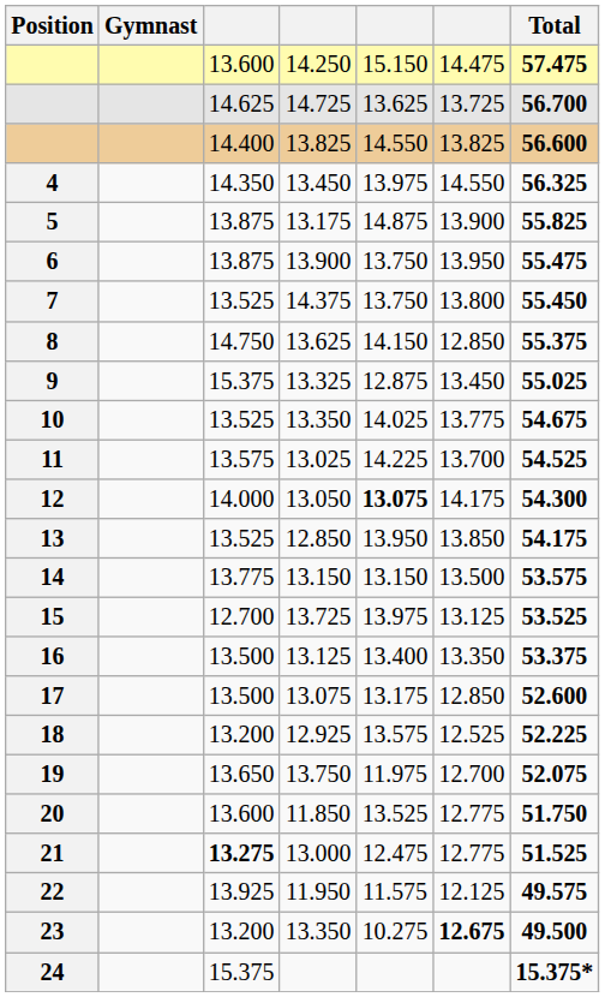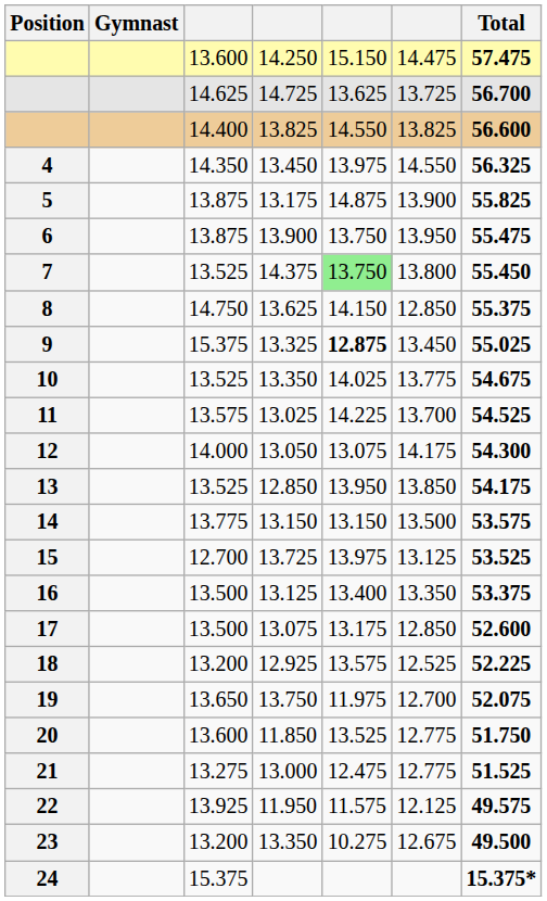 <table class="wikitable sortable" style="text-align:center; font-size:95%">
 <tr>
 <th>Position</th>
 <th>Gymnast</th>
 <th></th>
 <th></th>
 <th></th>
 <th></th>
 <th>Total</th>
 </tr>
 <tr bgcolor=fffcaf>
 <td></td>
 <td align=left></td>
 <td>13.600</td>
 <td>14.250</td>
 <td>15.150</td>
 <td>14.475</td>
 <td><strong>57.475</strong></td>
 </tr>
 <tr bgcolor=e5e5e5>
 <td></td>
 <td align=left></td>
 <td>14.625</td>
 <td>14.725</td>
 <td>13.625</td>
 <td>13.725</td>
 <td><strong>56.700</strong></td>
 </tr>
 <tr bgcolor=eecc99>
 <td></td>
 <td align=left></td>
 <td>14.400</td>
 <td>13.825</td>
 <td>14.550</td>
 <td>13.825</td>
 <td><strong>56.600</strong></td>
 </tr>
 <tr>
 <th><strong>4</strong></th>
 <td align=left></td>
 <td>14.350</td>
 <td>13.450</td>
 <td>13.975</td>
 <td>14.550</td>
 <td><strong>56.325</strong></td>
 </tr>
 <tr>
 <th><strong>5</strong></th>
 <td align=left></td>
 <td>13.875</td>
 <td>13.175</td>
 <td>14.875</td>
 <td>13.900</td>
 <td><strong>55.825</strong></td>
 </tr>
 <tr>
 <th><strong>6</strong></th>
 <td align=left></td>
 <td>13.875</td>
 <td>13.900</td>
 <td>13.750</td>
 <td>13.950</td>
 <td><strong>55.475</strong></td>
 </tr>
 <tr>
 <th><strong>7</strong></th>
 <td align=left></td>
 <td>13.525</td>
 <td>14.375</td>
-<td>13.750</td>
+<td style="background: lightgreen;">13.750</td>
 <td>13.800</td>
 <td><strong>55.450</strong></td>
 </tr>
 <tr>
 <th><strong>8</strong></th>
 <td align=left></td>
 <td>14.750</td>
 <td>13.625</td>
 <td>14.150</td>
 <td>12.850</td>
 <td><strong>55.375</strong></td>
 </tr>
 <tr>
 <th><strong>9</strong></th>
 <td align=left></td>
 <td>15.375</td>
 <td>13.325</td>
-<td>12.875</td>
+<td><strong>12.875</strong></td>
 <td>13.450</td>
 <td><strong>55.025</strong></td>
 </tr>
 <tr>
 <th><strong>10</strong></th>
 <td align=left></td>
 <td>13.525</td>
 <td>13.350</td>
 <td>14.025</td>
 <td>13.775</td>
 <td><strong>54.675</strong></td>
 </tr>
 <tr>
 <th><strong>11</strong></th>
 <td align=left></td>
 <td>13.575</td>
 <td>13.025</td>
 <td>14.225</td>
 <td>13.700</td>
 <td><strong>54.525</strong></td>
 </tr>
 <tr>
 <th><strong>12</strong></th>
 <td align=left></td>
 <td>14.000</td>
 <td>13.050</td>
-<td><strong>13.075</strong></td>
+<td>13.075</td>
 <td>14.175</td>
 <td><strong>54.300</strong></td>
 </tr>
 <tr>
 <th><strong>13</strong></th>
 <td align=left></td>
 <td>13.525</td>
 <td>12.850</td>
 <td>13.950</td>
 <td>13.850</td>
 <td><strong>54.175</strong></td>
 </tr>
 <tr>
 <th><strong>14</strong></th>
 <td align=left></td>
 <td>13.775</td>
 <td>13.150</td>
 <td>13.150</td>
 <td>13.500</td>
 <td><strong>53.575</strong></td>
 </tr>
 <tr>
 <th><strong>15</strong></th>
 <td align=left></td>
 <td>12.700</td>
 <td>13.725</td>
 <td>13.975</td>
 <td>13.125</td>
 <td><strong>53.525</strong></td>
 </tr>
 <tr>
 <th><strong>16</strong></th>
 <td align=left></td>
 <td>13.500</td>
 <td>13.125</td>
 <td>13.400</td>
 <td>13.350</td>
 <td><strong>53.375</strong></td>
 </tr>
 <tr>
 <th><strong>17</strong></th>
 <td align=left></td>
 <td>13.500</td>
 <td>13.075</td>
 <td>13.175</td>
 <td>12.850</td>
 <td><strong>52.600</strong></td>
 </tr>
 <tr>
 <th><strong>18</strong></th>
 <td align=left></td>
 <td>13.200</td>
 <td>12.925</td>
 <td>13.575</td>
 <td>12.525</td>
 <td><strong>52.225</strong></td>
 </tr>
 <tr>
 <th><strong>19</strong></th>
 <td align=left></td>
 <td>13.650</td>
 <td>13.750</td>
 <td>11.975</td>
 <td>12.700</td>
 <td><strong>52.075</strong></td>
 </tr>
 <tr>
 <th><strong>20</strong></th>
 <td align=left></td>
 <td>13.600</td>
 <td>11.850</td>
 <td>13.525</td>
 <td>12.775</td>
 <td><strong>51.750</strong></td>
 </tr>
 <tr>
 <th><strong>21</strong></th>
 <td align=left></td>
-<td><strong>13.275</strong></td>
+<td>13.275</td>
 <td>13.000</td>
 <td>12.475</td>
 <td>12.775</td>
 <td><strong>51.525</strong></td>
 </tr>
 <tr>
 <th><strong>22</strong></th>
 <td align=left></td>
 <td>13.925</td>
 <td>11.950</td>
 <td>11.575</td>
 <td>12.125</td>
 <td><strong>49.575</strong></td>
 </tr>
 <tr>
 <th><strong>23</strong></th>
 <td align=left></td>
 <td>13.200</td>
 <td>13.350</td>
 <td>10.275</td>
-<td><strong>12.675</strong></td>
+<td>12.675</td>
 <td><strong>49.500</strong></td>
 </tr>
 <tr>
 <th><strong>24</strong></th>
 <td align=left></td>
 <td>15.375</td>
 <td></td>
 <td></td>
 <td></td>
 <td><strong>15.375*</strong></td>
 </tr>
 <tr>
 </tr>
 </table>
